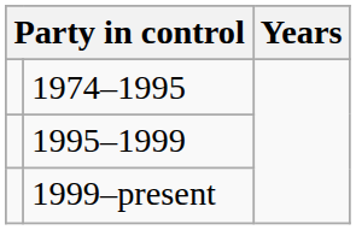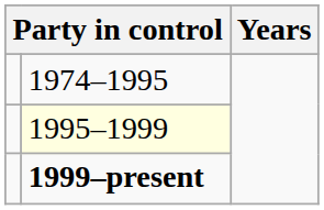 <table class="wikitable">
 <tr>
 <th colspan="2">Party in control</th>
 <th>Years</th>
 </tr>
 <tr>
 <td></td>
 <td>1974–1995</td>
 </tr>
 <tr>
 <td></td>
-<td>1995–1999</td>
+<td style="background: lightyellow;">1995–1999</td>
 </tr>
 <tr>
 <td></td>
-<td>1999–present</td>
+<td><strong>1999–present</strong></td>
 </tr>
 </table>
